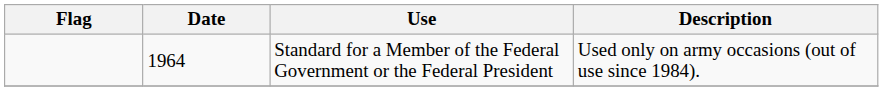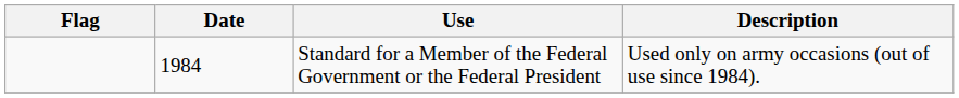 <table class="wikitable">
 <tr>
 <th width="110">Flag</th>
 <th width="100">Date</th>
 <th width="250">Use</th>
 <th width="250">Description</th>
 </tr>
 <tr>
 <td></td>
-<td>1964</td>
+<td>1984</td>
 <td>Standard for a Member of the Federal Government or the Federal President</td>
 <td>Used only on army occasions (out of use since 1984).</td>
 </tr>
 <tr>
 </tr>
 </table>
